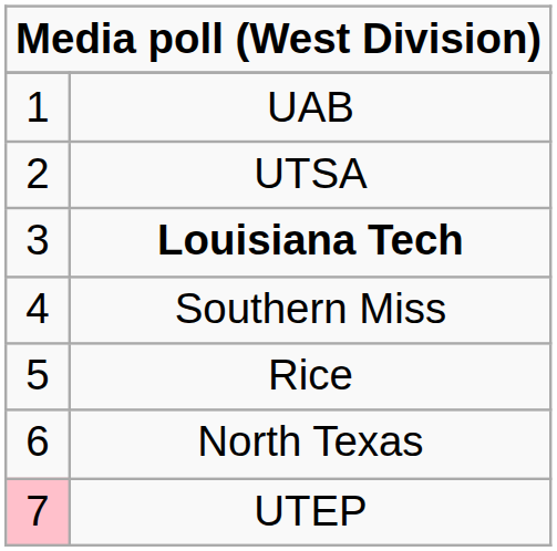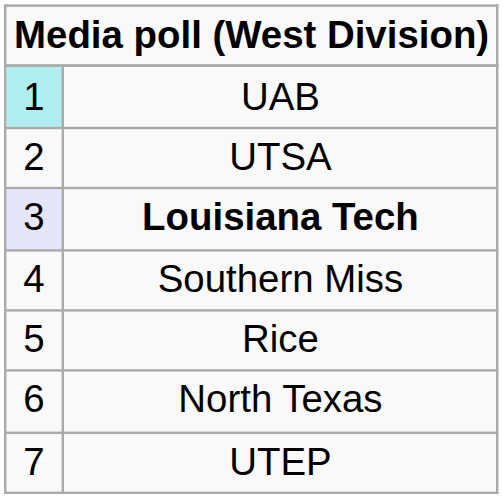 <table class="wikitable" style="display: inline-table;">
 <tr>
 <td align="center" Colspan="3"><strong>Media poll (West Division)</strong></td>
 </tr>
 <tr align="center">
 </tr>
 <tr align="center">
-<td>1</td>
+<td style="background: paleturquoise;">1</td>
 <td>UAB</td>
 </tr>
 <tr align="center">
 <td>2</td>
 <td>UTSA</td>
 </tr>
 <tr align="center">
-<td>3</td>
+<td style="background: lavender;">3</td>
 <td><strong>Louisiana Tech</strong></td>
 </tr>
 <tr align="center">
 <td>4</td>
 <td>Southern Miss</td>
 </tr>
 <tr align="center">
 <td>5</td>
 <td>Rice</td>
 </tr>
 <tr align="center">
 <td>6</td>
 <td>North Texas</td>
 </tr>
 <tr align="center">
-<td style="background: pink;">7</td>
+<td>7</td>
 <td>UTEP</td>
 </tr>
 </table>
